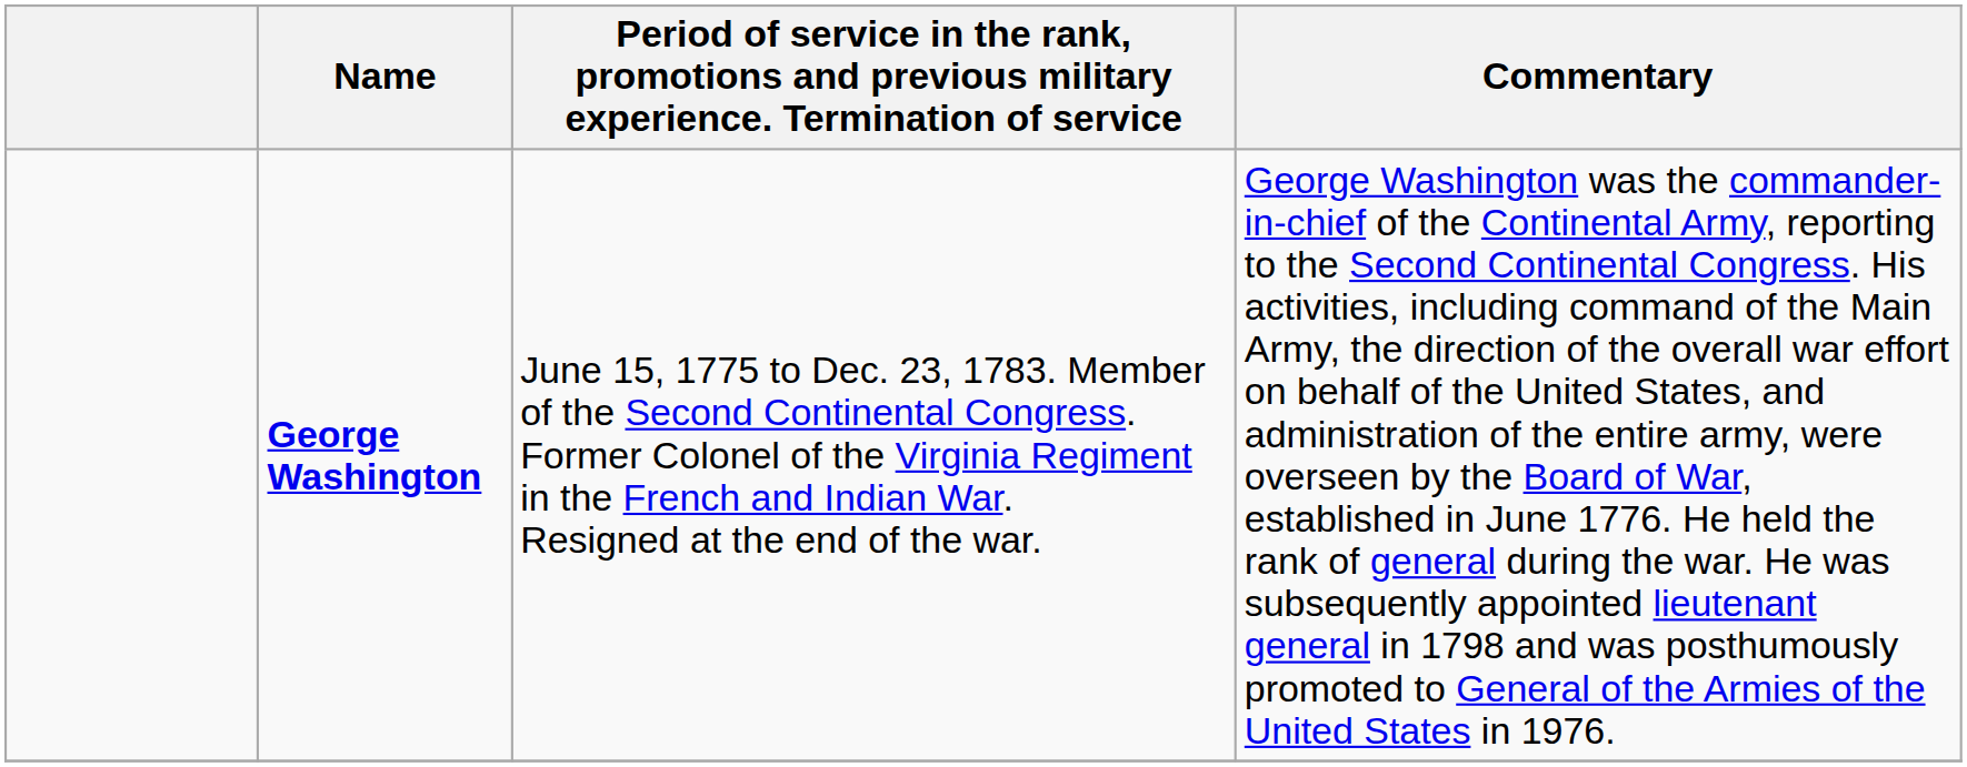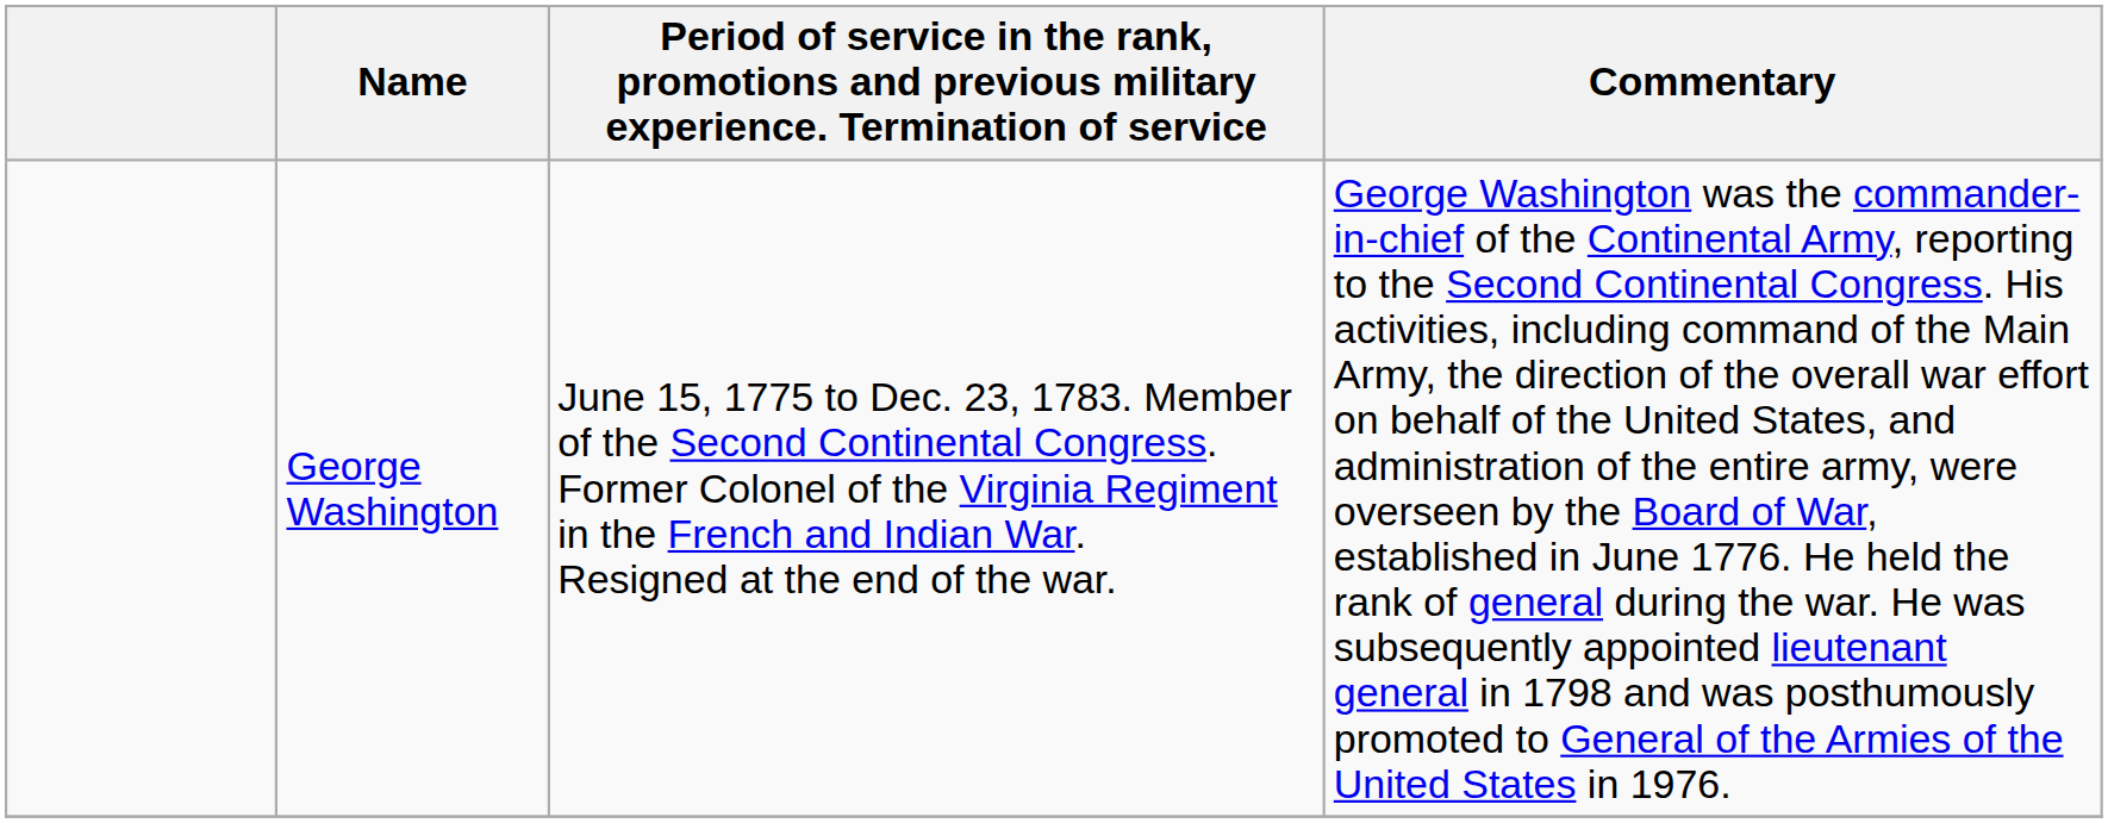 <table class="wikitable">
 <tr>
 <th align="center" width="100"></th>
 <th align="left" width="100">Name</th>
 <th align="left" width="300">Period of service in the rank, promotions and previous military experience. Termination of service</th>
 <th align="left" width="300">Commentary</th>
 </tr>
 <tr>
 <td></td>
-<td><strong><a href='#'>George Washington</a></strong></td>
+<td><a href='#'>George Washington</a></td>
 <td>June 15, 1775 to Dec. 23, 1783. Member of the <a href='#'>Second Continental Congress</a>. Former Colonel of the <a href='#'>Virginia Regiment</a> in the <a href='#'>French and Indian War</a>.<br>Resigned at the end of the war.</td>
 <td><a href='#'>George Washington</a> was the <a href='#'>commander-in-chief</a> of the <a href='#'>Continental Army</a>, reporting to the <a href='#'>Second Continental Congress</a>. His activities, including command of the Main Army, the direction of the overall war effort on behalf of the United States, and administration of the entire army, were overseen by the <a href='#'>Board of War</a>, established in June 1776. He held the rank of <a href='#'>general</a> during the war. He was subsequently appointed <a href='#'>lieutenant general</a> in 1798 and was posthumously promoted to <a href='#'>General of the Armies of the United States</a> in 1976.</td>
 </tr>
 <tr>
 </tr>
 </table>
